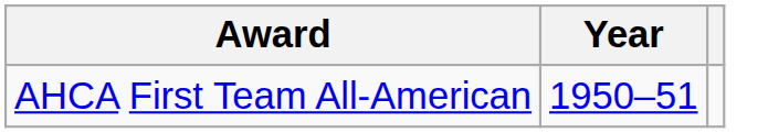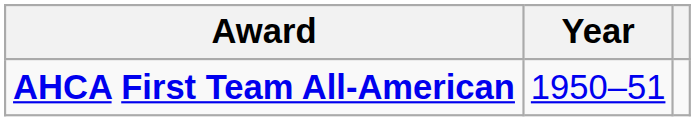 <table class="wikitable">
 <tr>
 <th>Award</th>
 <th>Year</th>
 <th></th>
 </tr>
 <tr>
-<td><a href='#'>AHCA</a> <a href='#'>First Team All-American</a></td>
+<td><strong><a href='#'>AHCA</a> <a href='#'>First Team All-American</a></strong></td>
 <td><a href='#'>1950–51</a></td>
 <td></td>
 </tr>
 </table>
